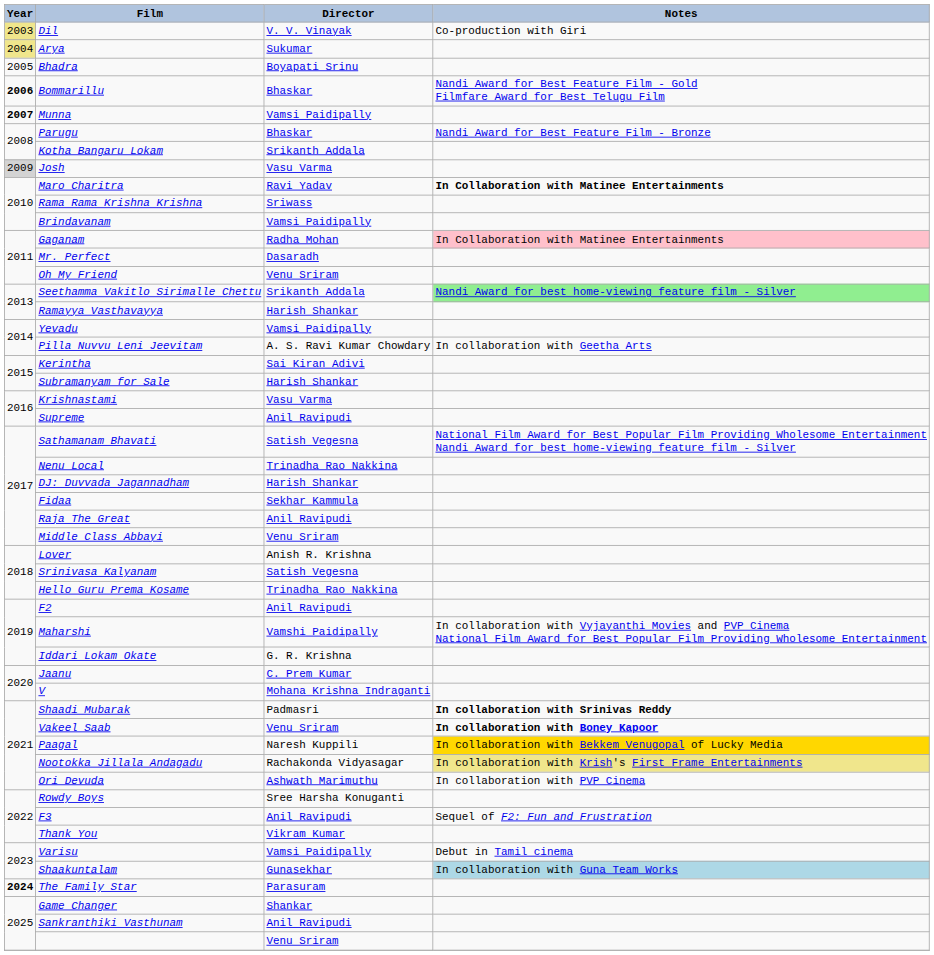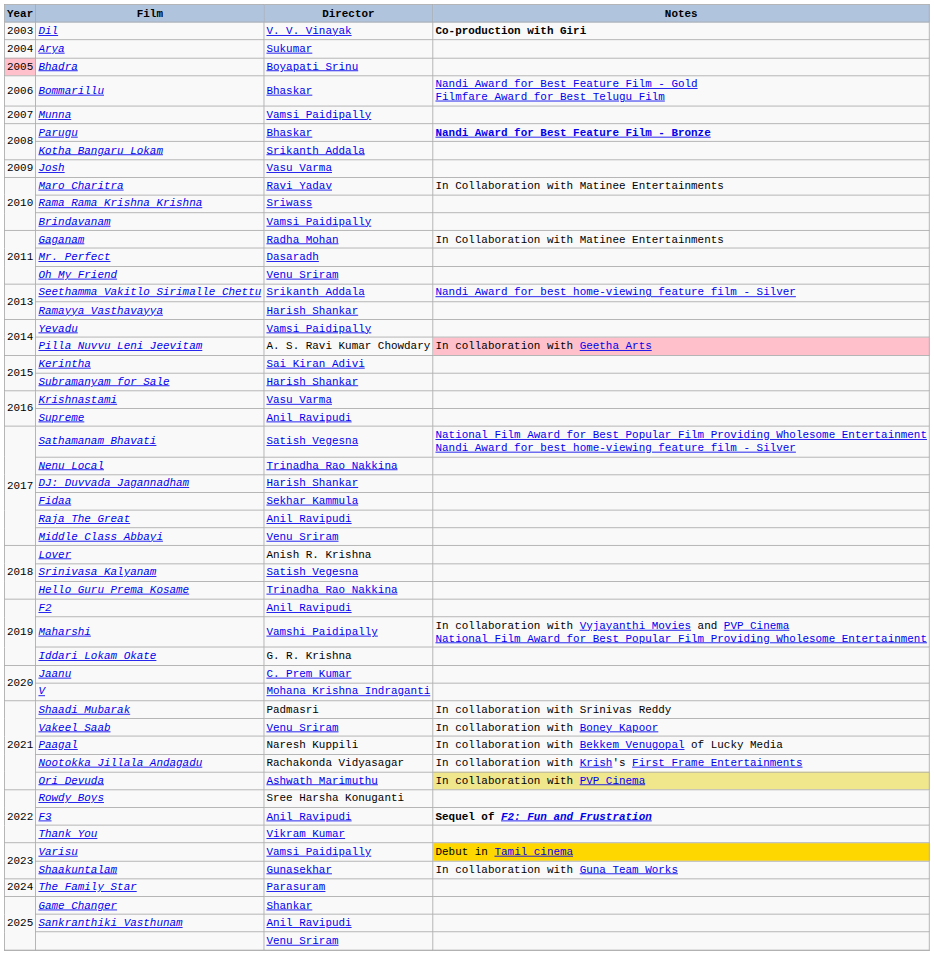 <table class="wikitable sortable">
 <tr style="text-align:center;">
 <th style="text-align:center; background:#b0c4de;">Year</th>
 <th style="text-align:center; background:#b0c4de;">Film</th>
 <th style="text-align:center; background:#b0c4de;">Director</th>
 <th style="text-align:center; background:#b0c4de;">Notes</th>
 </tr>
 <tr>
-<td style="background: khaki;">2003</td>
+<td>2003</td>
 <td><em><a href='#'>Dil</a></em></td>
 <td><a href='#'>V. V. Vinayak</a></td>
-<td>Co-production with Giri</td>
+<td><strong>Co-production with Giri</strong></td>
 </tr>
 <tr>
-<td style="background: khaki;">2004</td>
+<td>2004</td>
 <td><em><a href='#'>Arya</a></em></td>
 <td><a href='#'>Sukumar</a></td>
 <td></td>
 </tr>
 <tr>
-<td>2005</td>
+<td style="background: pink;">2005</td>
 <td><em><a href='#'>Bhadra</a></em></td>
 <td><a href='#'>Boyapati Srinu</a></td>
 <td></td>
 </tr>
 <tr>
-<td><strong>2006</strong></td>
+<td>2006</td>
 <td><em><a href='#'>Bommarillu</a></em></td>
 <td><a href='#'>Bhaskar</a></td>
 <td><a href='#'>Nandi Award for Best Feature Film - Gold</a> <br><a href='#'>Filmfare Award for Best Telugu Film</a></td>
 </tr>
 <tr>
-<td><strong>2007</strong></td>
+<td>2007</td>
 <td><em><a href='#'>Munna</a></em></td>
 <td><a href='#'>Vamsi Paidipally</a></td>
 <td></td>
 </tr>
 <tr>
 <td rowspan="2">2008</td>
 <td><em><a href='#'>Parugu</a></em></td>
 <td><a href='#'>Bhaskar</a></td>
-<td><a href='#'>Nandi Award for Best Feature Film - Bronze</a></td>
+<td><strong><a href='#'>Nandi Award for Best Feature Film - Bronze</a></strong></td>
 </tr>
 <tr>
 <td><em><a href='#'>Kotha Bangaru Lokam</a></em></td>
 <td><a href='#'>Srikanth Addala</a></td>
 <td></td>
 </tr>
 <tr>
-<td style="background: lightgrey;">2009</td>
+<td>2009</td>
 <td><em><a href='#'>Josh</a></em></td>
 <td><a href='#'>Vasu Varma</a></td>
 <td></td>
 </tr>
 <tr>
 <td rowspan="3">2010</td>
 <td><em><a href='#'>Maro Charitra</a></em></td>
 <td><a href='#'>Ravi Yadav</a></td>
-<td><strong>In Collaboration with Matinee Entertainments</strong></td>
+<td>In Collaboration with Matinee Entertainments</td>
 </tr>
 <tr>
 <td><em><a href='#'>Rama Rama Krishna Krishna</a></em></td>
 <td><a href='#'>Sriwass</a></td>
 <td></td>
 </tr>
 <tr>
 <td><em><a href='#'>Brindavanam</a></em></td>
 <td><a href='#'>Vamsi Paidipally</a></td>
 <td></td>
 </tr>
 <tr>
 <td rowspan="3">2011</td>
 <td><em><a href='#'>Gaganam</a></em></td>
 <td><a href='#'>Radha Mohan</a></td>
-<td style="background: pink;">In Collaboration with Matinee Entertainments</td>
+<td>In Collaboration with Matinee Entertainments</td>
 </tr>
 <tr>
 <td><em><a href='#'>Mr. Perfect</a></em></td>
 <td><a href='#'>Dasaradh</a></td>
 <td></td>
 </tr>
 <tr>
 <td><em><a href='#'>Oh My Friend</a></em></td>
 <td><a href='#'>Venu Sriram</a></td>
 <td></td>
 </tr>
 <tr>
 <td rowspan="2">2013</td>
 <td><em><a href='#'>Seethamma Vakitlo Sirimalle Chettu</a></em></td>
 <td><a href='#'>Srikanth Addala</a></td>
-<td style="background: lightgreen;"><a href='#'>Nandi Award for best home-viewing feature film - Silver</a></td>
+<td><a href='#'>Nandi Award for best home-viewing feature film - Silver</a></td>
 </tr>
 <tr>
 <td><em><a href='#'>Ramayya Vasthavayya</a></em></td>
 <td><a href='#'>Harish Shankar</a></td>
 <td></td>
 </tr>
 <tr>
 <td rowspan="2">2014</td>
 <td><em><a href='#'>Yevadu</a></em></td>
 <td><a href='#'>Vamsi Paidipally</a></td>
 <td></td>
 </tr>
 <tr>
 <td><em><a href='#'>Pilla Nuvvu Leni Jeevitam</a></em></td>
 <td>A. S. Ravi Kumar Chowdary</td>
-<td>In collaboration with <a href='#'>Geetha Arts</a></td>
+<td style="background: pink;">In collaboration with <a href='#'>Geetha Arts</a></td>
 </tr>
 <tr>
 <td rowspan="2">2015</td>
 <td><em><a href='#'>Kerintha</a></em></td>
 <td><a href='#'>Sai Kiran Adivi</a></td>
 <td></td>
 </tr>
 <tr>
 <td><em><a href='#'>Subramanyam for Sale</a></em></td>
 <td><a href='#'>Harish Shankar</a></td>
 <td></td>
 </tr>
 <tr>
 <td rowspan="2">2016</td>
 <td><em><a href='#'>Krishnastami</a></em></td>
 <td><a href='#'>Vasu Varma</a></td>
 <td></td>
 </tr>
 <tr>
 <td><em><a href='#'>Supreme</a></em></td>
 <td><a href='#'>Anil Ravipudi</a></td>
 <td></td>
 </tr>
 <tr>
 <td rowspan="6">2017</td>
 <td><em><a href='#'>Sathamanam Bhavati</a></em></td>
 <td><a href='#'>Satish Vegesna</a></td>
 <td><a href='#'>National Film Award for Best Popular Film Providing Wholesome Entertainment</a><br><a href='#'>Nandi Award for best home-viewing feature film - Silver</a></td>
 </tr>
 <tr>
 <td><em><a href='#'>Nenu Local</a></em></td>
 <td><a href='#'>Trinadha Rao Nakkina</a></td>
 <td></td>
 </tr>
 <tr>
 <td><em><a href='#'>DJ: Duvvada Jagannadham</a></em></td>
 <td><a href='#'>Harish Shankar</a></td>
 <td></td>
 </tr>
 <tr>
 <td><em><a href='#'>Fidaa</a></em></td>
 <td><a href='#'>Sekhar Kammula</a></td>
 <td></td>
 </tr>
 <tr>
 <td><em><a href='#'>Raja The Great</a></em></td>
 <td><a href='#'>Anil Ravipudi</a></td>
 <td></td>
 </tr>
 <tr>
 <td><em><a href='#'>Middle Class Abbayi</a></em></td>
 <td><a href='#'>Venu Sriram</a></td>
 <td></td>
 </tr>
 <tr>
 <td rowspan="3">2018</td>
 <td><em><a href='#'>Lover</a></em></td>
 <td>Anish R. Krishna</td>
 <td></td>
 </tr>
 <tr>
 <td><em><a href='#'>Srinivasa Kalyanam</a></em></td>
 <td><a href='#'>Satish Vegesna</a></td>
 <td></td>
 </tr>
 <tr>
 <td><em><a href='#'>Hello Guru Prema Kosame</a></em></td>
 <td><a href='#'>Trinadha Rao Nakkina</a></td>
 <td></td>
 </tr>
 <tr>
 <td rowspan="3">2019</td>
 <td><em><a href='#'>F2</a></em></td>
 <td><a href='#'>Anil Ravipudi</a></td>
 <td></td>
 </tr>
 <tr>
 <td><em><a href='#'>Maharshi</a></em></td>
 <td><a href='#'>Vamshi Paidipally</a></td>
 <td>In collaboration with <a href='#'>Vyjayanthi Movies</a> and <a href='#'>PVP Cinema</a><br><a href='#'>National Film Award for Best Popular Film Providing Wholesome Entertainment</a></td>
 </tr>
 <tr>
 <td><em><a href='#'>Iddari Lokam Okate</a></em></td>
 <td>G. R. Krishna</td>
 <td></td>
 </tr>
 <tr>
 <td rowspan="2">2020</td>
 <td><em><a href='#'>Jaanu</a></em></td>
 <td><a href='#'>C. Prem Kumar</a></td>
 <td></td>
 </tr>
 <tr>
 <td><em><a href='#'>V</a></em></td>
 <td><a href='#'>Mohana Krishna Indraganti</a></td>
 <td></td>
 </tr>
 <tr>
 <td rowspan="5">2021</td>
 <td><em><a href='#'>Shaadi Mubarak</a></em></td>
 <td>Padmasri</td>
-<td><strong>In collaboration with Srinivas Reddy</strong></td>
+<td>In collaboration with Srinivas Reddy</td>
 </tr>
 <tr>
 <td><em><a href='#'>Vakeel Saab</a></em></td>
 <td><a href='#'>Venu Sriram</a></td>
-<td><strong>In collaboration with <a href='#'>Boney Kapoor</a></strong></td>
+<td>In collaboration with <a href='#'>Boney Kapoor</a></td>
 </tr>
 <tr>
 <td><em><a href='#'>Paagal</a></em></td>
 <td>Naresh Kuppili</td>
-<td style="background: gold;">In collaboration with <a href='#'>Bekkem Venugopal</a> of Lucky Media</td>
+<td>In collaboration with <a href='#'>Bekkem Venugopal</a> of Lucky Media</td>
 </tr>
 <tr>
 <td><em><a href='#'>Nootokka Jillala Andagadu</a></em></td>
 <td>Rachakonda Vidyasagar</td>
-<td style="background: khaki;">In collaboration with <a href='#'>Krish</a>'s <a href='#'>First Frame Entertainments</a></td>
+<td>In collaboration with <a href='#'>Krish</a>'s <a href='#'>First Frame Entertainments</a></td>
 </tr>
 <tr>
 <td><em><a href='#'>Ori Devuda</a></em></td>
 <td><a href='#'>Ashwath Marimuthu</a></td>
-<td>In collaboration with <a href='#'>PVP Cinema</a></td>
+<td style="background: khaki;">In collaboration with <a href='#'>PVP Cinema</a></td>
 </tr>
 <tr>
 <td rowspan="3">2022</td>
 <td><em><a href='#'>Rowdy Boys</a></em></td>
 <td>Sree Harsha Konuganti</td>
 <td></td>
 </tr>
 <tr>
 <td><em><a href='#'>F3</a></em></td>
 <td><a href='#'>Anil Ravipudi</a></td>
-<td>Sequel of <em><a href='#'>F2: Fun and Frustration</a></em></td>
+<td><strong>Sequel of <em><a href='#'>F2: Fun and Frustration</a></em></strong></td>
 </tr>
 <tr>
 <td><em><a href='#'>Thank You</a></em></td>
 <td><a href='#'>Vikram Kumar</a></td>
 <td></td>
 </tr>
 <tr>
 <td rowspan="2">2023</td>
 <td><em><a href='#'>Varisu</a></em></td>
 <td><a href='#'>Vamsi Paidipally</a></td>
-<td>Debut in <a href='#'>Tamil cinema</a></td>
+<td style="background: gold;">Debut in <a href='#'>Tamil cinema</a></td>
 </tr>
 <tr>
 <td><em><a href='#'>Shaakuntalam</a></em></td>
 <td><a href='#'>Gunasekhar</a></td>
-<td style="background: lightblue;">In collaboration with <a href='#'>Guna Team Works</a></td>
+<td>In collaboration with <a href='#'>Guna Team Works</a></td>
 </tr>
 <tr>
-<td><strong>2024</strong></td>
+<td>2024</td>
 <td><em><a href='#'>The Family Star</a></em></td>
 <td><a href='#'>Parasuram</a></td>
 <td></td>
 </tr>
 <tr>
 <td rowspan="3">2025</td>
 <td><em><a href='#'>Game Changer</a></em></td>
 <td><a href='#'>Shankar</a></td>
 <td></td>
 </tr>
 <tr>
 <td><em><a href='#'>Sankranthiki Vasthunam</a></em></td>
 <td><a href='#'>Anil Ravipudi</a></td>
 <td></td>
 </tr>
 <tr>
 <td></td>
 <td><a href='#'>Venu Sriram</a></td>
 <td></td>
 </tr>
 <tr>
 </tr>
 </table>
